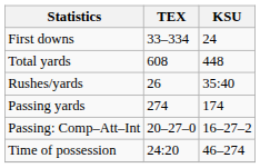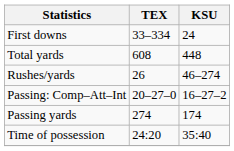 <table class="wikitable" style="float: left;">
 <tr>
 <th>Statistics</th>
 <th>TEX</th>
 <th>KSU</th>
 </tr>
 <tr>
 <td>First downs</td>
 <td>33–334</td>
 <td>24</td>
 </tr>
 <tr>
 <td>Total yards</td>
 <td>608</td>
 <td>448</td>
 </tr>
 <tr>
 <td>Rushes/yards</td>
 <td>26</td>
-<td>35:40</td>
+<td>46–274</td>
+</tr>
+<tr>
+<td>Passing: Comp–Att–Int</td>
+<td>20–27–0</td>
+<td>16–27–2</td>
 </tr>
 <tr>
 <td>Passing yards</td>
 <td>274</td>
 <td>174</td>
 </tr>
 <tr>
-<td>Passing: Comp–Att–Int</td>
-<td>20–27–0</td>
-<td>16–27–2</td>
-</tr>
-<tr>
 <td>Time of possession</td>
 <td>24:20</td>
-<td>46–274</td>
+<td>35:40</td>
 </tr>
 <tr>
 </tr>
 </table>
